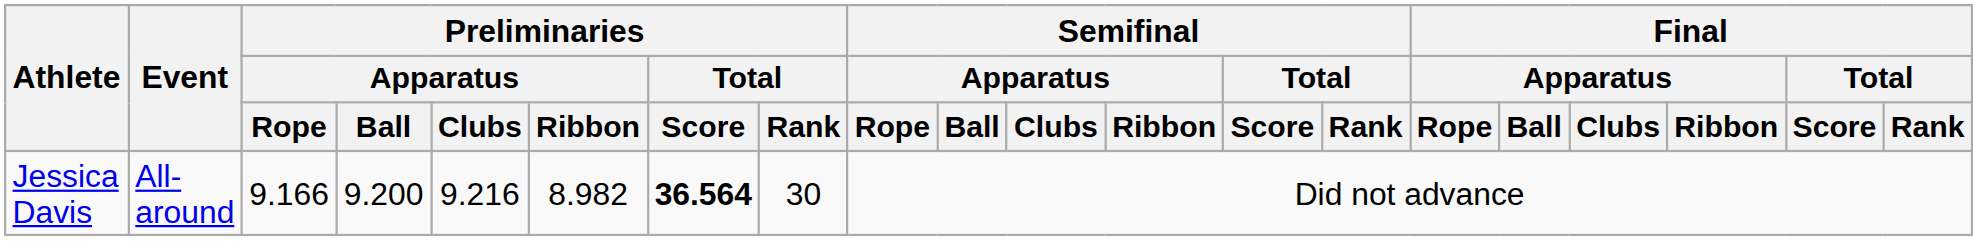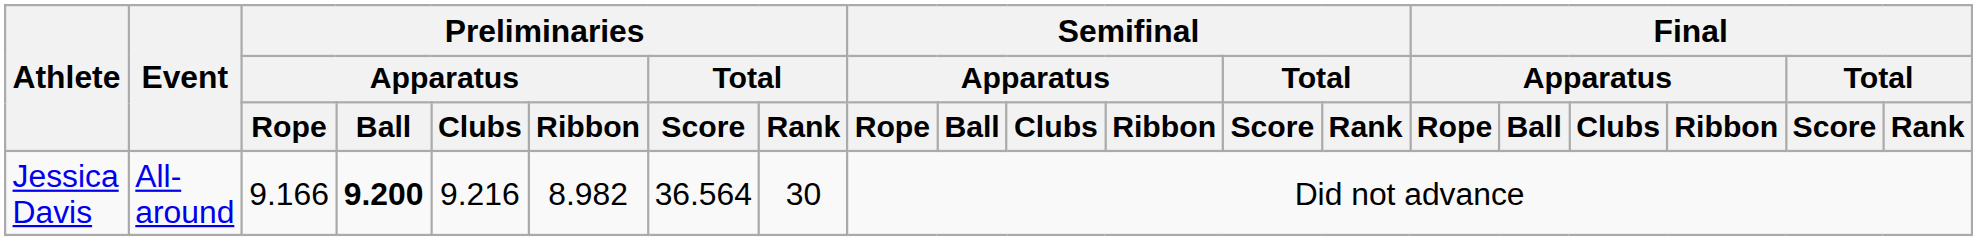 <table class=wikitable style=font-size:90%;text-align:center>
 <tr>
 <th rowspan=3>Athlete</th>
 <th rowspan=3>Event</th>
 <th colspan=6>Preliminaries</th>
 <th colspan=6>Semifinal</th>
 <th colspan=6>Final</th>
 </tr>
 <tr style=font-size:95%>
 <th colspan=4>Apparatus</th>
 <th colspan=2>Total</th>
 <th colspan=4>Apparatus</th>
 <th colspan=2>Total</th>
 <th colspan=4>Apparatus</th>
 <th colspan=2>Total</th>
 </tr>
 <tr style=font-size:95%>
 <th>Rope</th>
 <th>Ball</th>
 <th>Clubs</th>
 <th>Ribbon</th>
 <th>Score</th>
 <th>Rank</th>
 <th>Rope</th>
 <th>Ball</th>
 <th>Clubs</th>
 <th>Ribbon</th>
 <th>Score</th>
 <th>Rank</th>
 <th>Rope</th>
 <th>Ball</th>
 <th>Clubs</th>
 <th>Ribbon</th>
 <th>Score</th>
 <th>Rank</th>
 </tr>
 <tr>
 <td align=left><a href='#'>Jessica Davis</a></td>
 <td align=left><a href='#'>All-around</a></td>
 <td>9.166</td>
-<td>9.200</td>
+<td><strong>9.200</strong></td>
 <td>9.216</td>
 <td>8.982</td>
-<td><strong>36.564</strong></td>
+<td>36.564</td>
 <td>30</td>
 <td colspan=12>Did not advance</td>
 </tr>
 </table>
